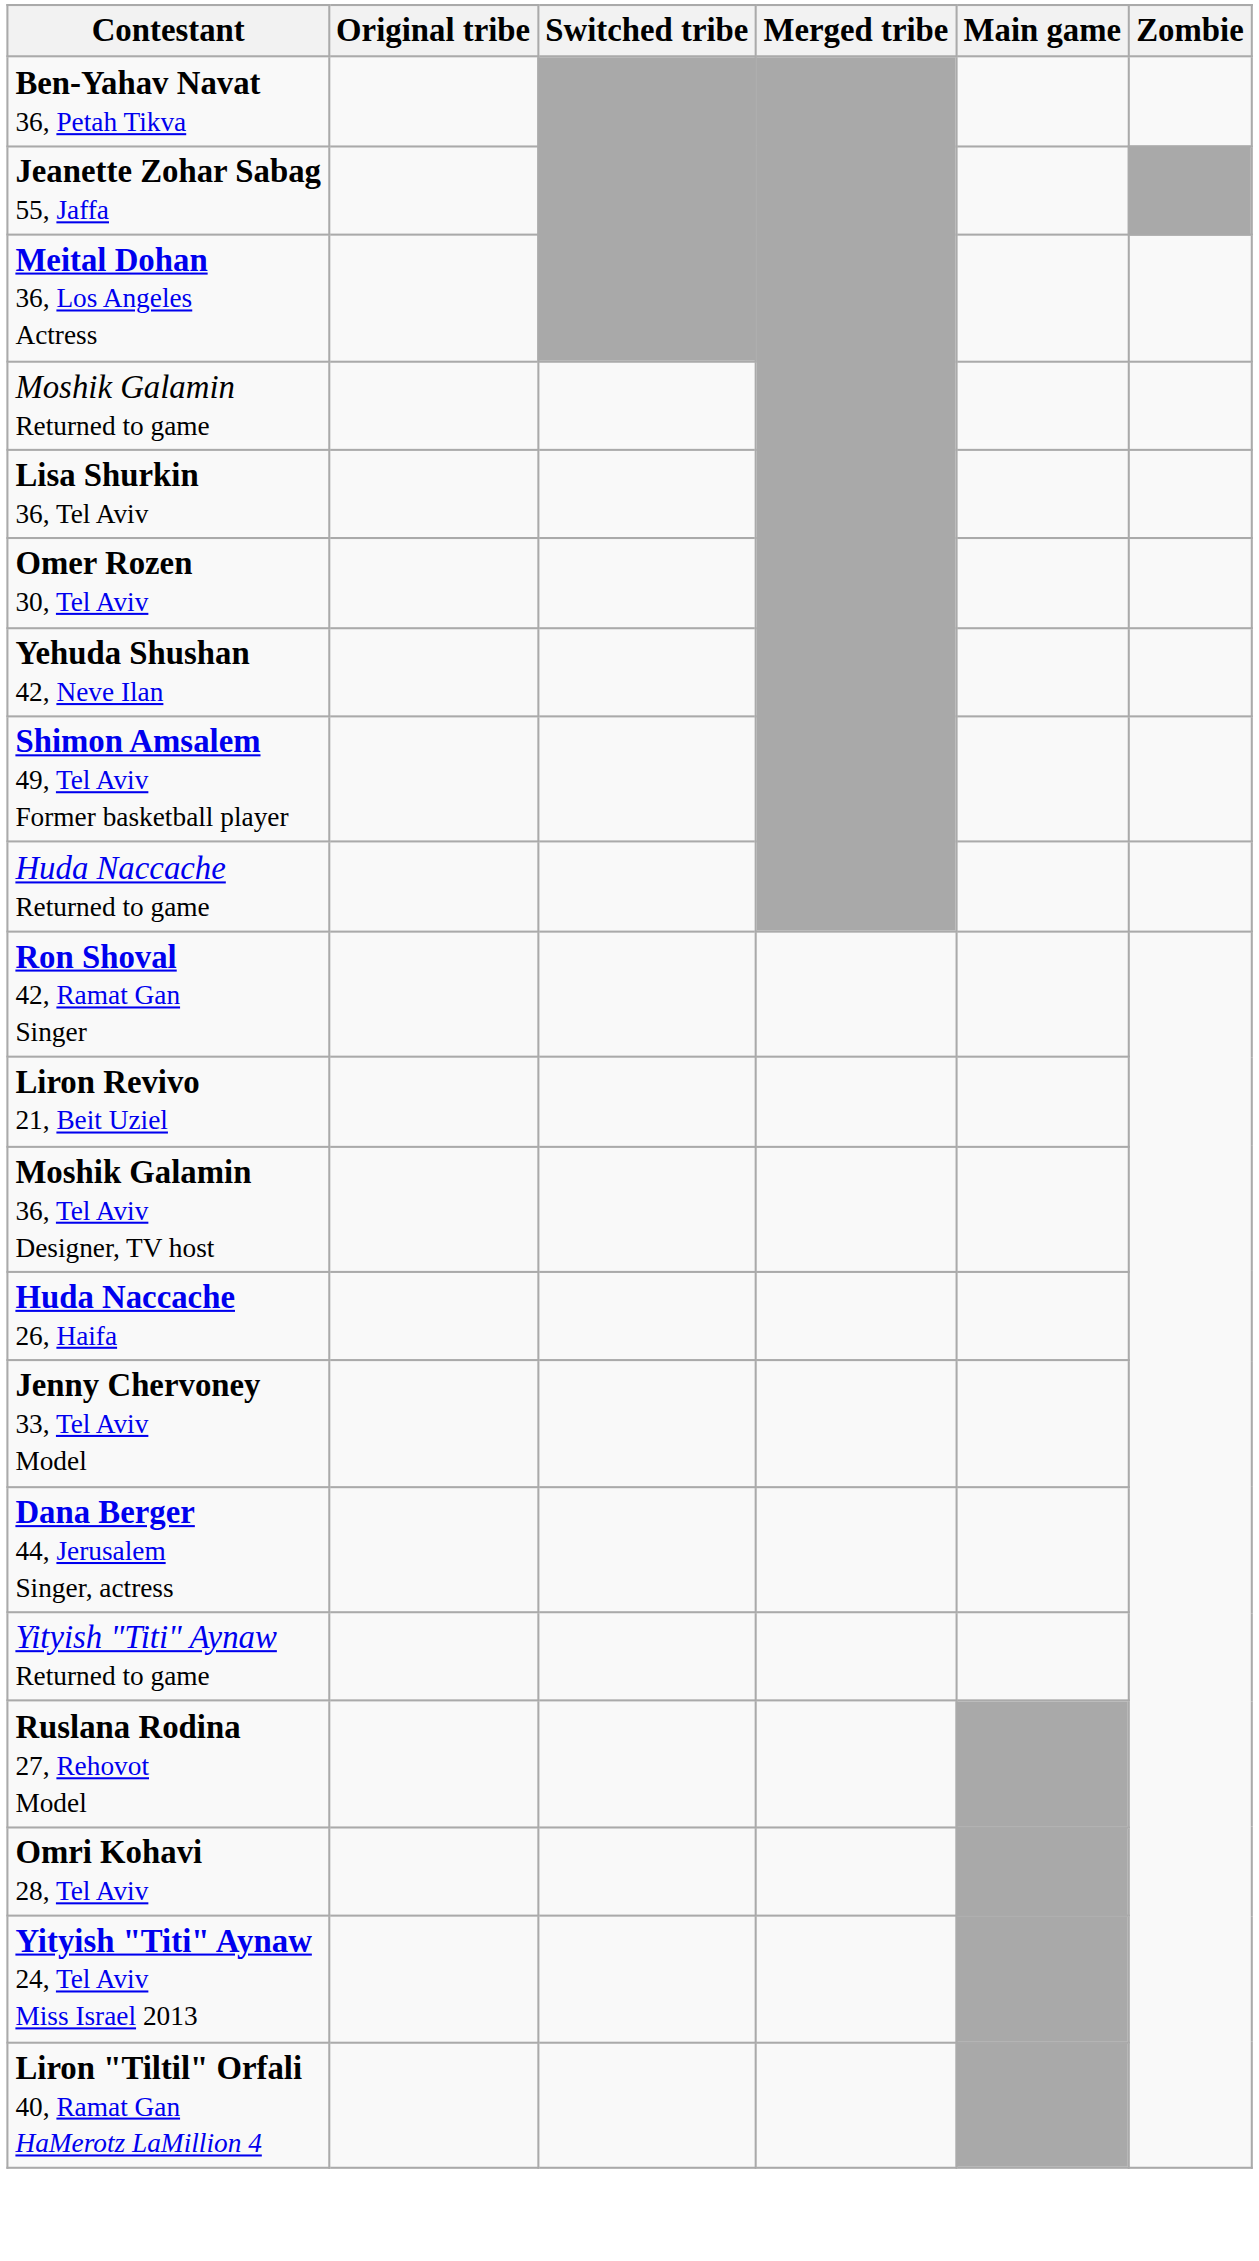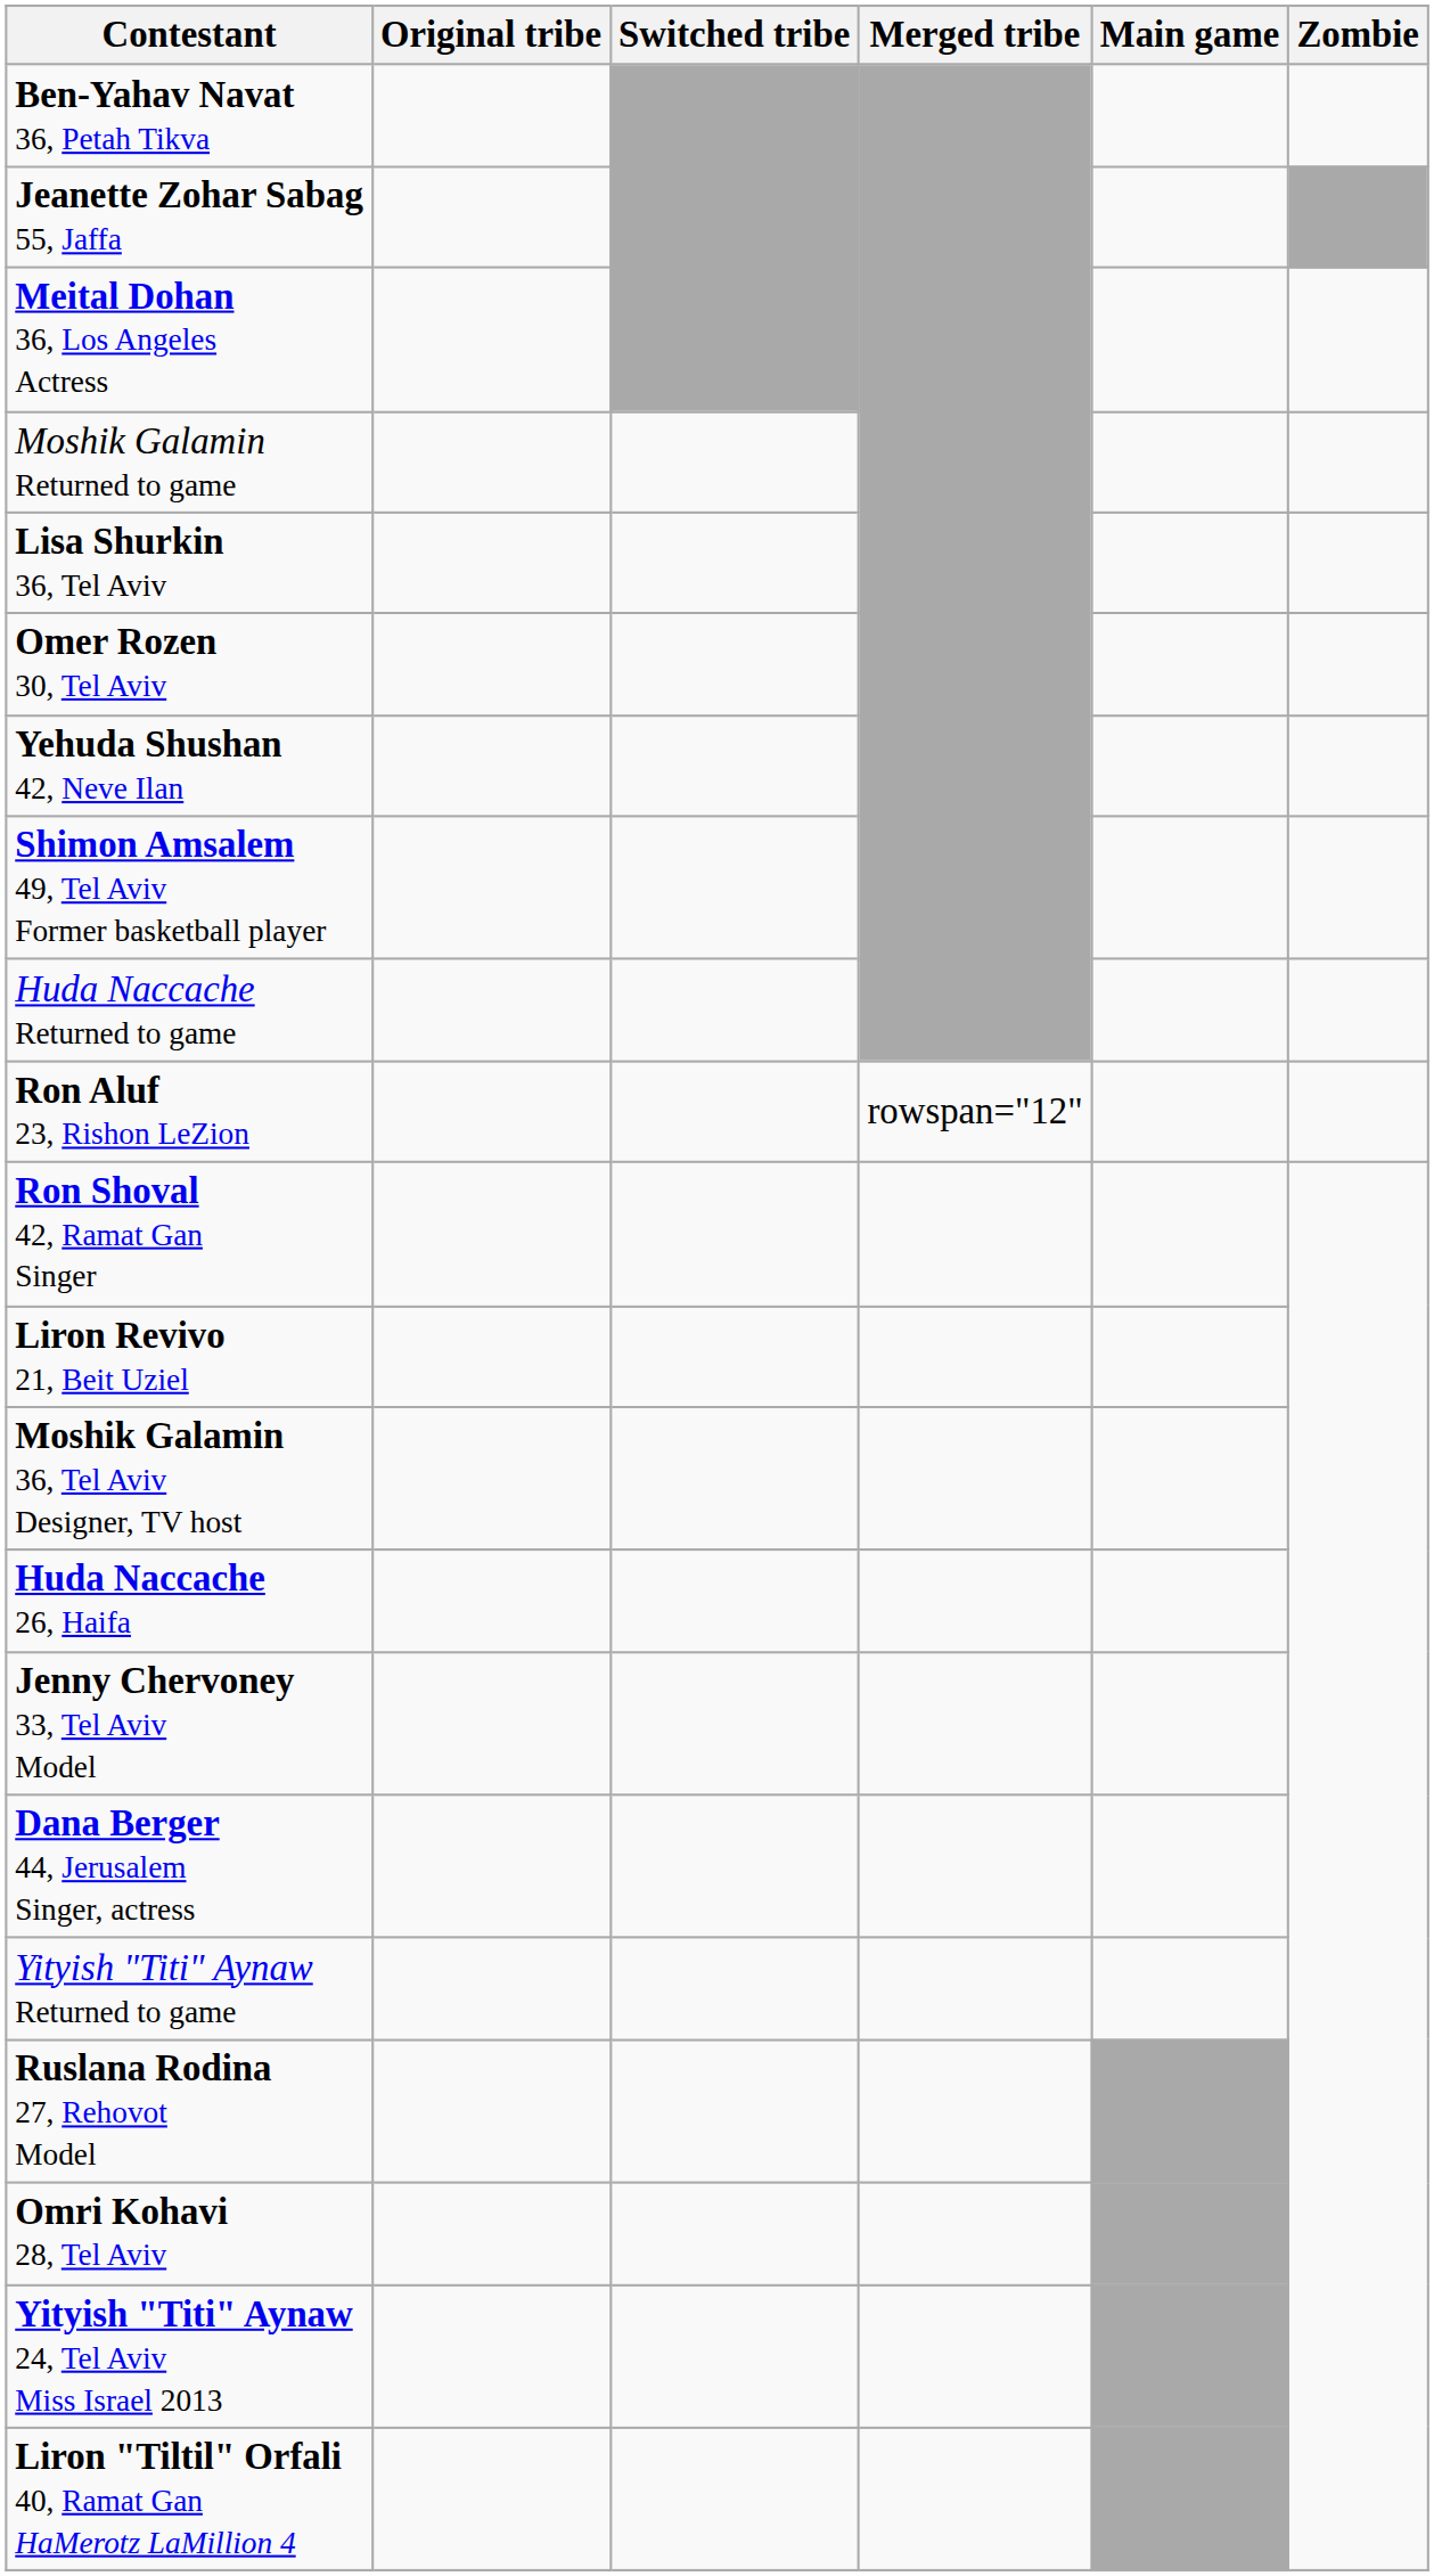 <table class="wikitable sortable nowrap" style="margin:auto; text-align:center">
 <tr>
 <th>Contestant</th>
 <th>Original tribe</th>
 <th>Switched tribe</th>
 <th>Merged tribe</th>
 <th>Main game</th>
 <th>Zombie</th>
 </tr>
 <tr>
 <td align="left"><strong>Ben-Yahav Navat</strong><br><small>36, <a href='#'>Petah Tikva</a></small></td>
 <td></td>
 <td rowspan="3" bgcolor=darkgrey></td>
 <td rowspan="9" bgcolor=darkgrey></td>
 <td></td>
 <td></td>
 </tr>
 <tr>
 <td align="left"><strong>Jeanette Zohar Sabag</strong><br><small>55, <a href='#'>Jaffa</a></small></td>
 <td></td>
 <td></td>
 <td bgcolor=darkgrey></td>
 </tr>
 <tr>
 <td align="left"><strong><a href='#'>Meital Dohan</a></strong><br><small>36, <a href='#'>Los Angeles</a><br>Actress</small></td>
 <td></td>
 <td></td>
 <td></td>
 </tr>
 <tr>
 <td align="left"><em>Moshik Galamin</em><br><small>Returned to game</small></td>
 <td></td>
 <td></td>
 <td></td>
 <td></td>
 </tr>
 <tr>
 <td align="left"><strong>Lisa Shurkin</strong><br><small>36, Tel Aviv</small></td>
 <td></td>
 <td></td>
 <td></td>
 <td></td>
 </tr>
 <tr>
 <td align="left"><strong>Omer Rozen</strong><br><small>30, <a href='#'>Tel Aviv</a></small></td>
 <td></td>
 <td></td>
 <td></td>
 <td></td>
 </tr>
 <tr>
 <td align="left"><strong>Yehuda Shushan</strong><br><small>42, <a href='#'>Neve Ilan</a></small></td>
 <td></td>
 <td></td>
 <td></td>
 <td></td>
 </tr>
 <tr>
 <td align="left"><strong><a href='#'>Shimon Amsalem</a></strong><br><small>49, <a href='#'>Tel Aviv</a><br>Former basketball player</small></td>
 <td></td>
 <td></td>
 <td></td>
 <td></td>
 </tr>
 <tr>
 <td align="left"><em><a href='#'>Huda Naccache</a></em><br><small>Returned to game</small></td>
 <td></td>
 <td></td>
+<td></td>
+<td></td>
+</tr>
+<tr>
+<td align="left"><strong>Ron Aluf</strong><br><small>23, <a href='#'>Rishon LeZion</a></small></td>
+<td></td>
+<td></td>
+<td>rowspan="12" </td>
 <td></td>
 <td></td>
 </tr>
 <tr>
 <td align="left"><strong><a href='#'>Ron Shoval</a></strong><br><small>42, <a href='#'>Ramat Gan</a><br>Singer</small></td>
 <td></td>
 <td></td>
 <td></td>
 <td></td>
 </tr>
 <tr>
 <td align="left"><strong>Liron Revivo</strong><br><small>21, <a href='#'>Beit Uziel</a></small></td>
 <td></td>
 <td></td>
 <td></td>
 <td></td>
 </tr>
 <tr>
 <td align="left"><strong>Moshik Galamin</strong><br><small>36, <a href='#'>Tel Aviv</a> <br>Designer, TV host</small></td>
 <td></td>
 <td></td>
 <td></td>
 <td></td>
 </tr>
 <tr>
 <td align="left"><strong><a href='#'>Huda Naccache</a></strong><br><small>26, <a href='#'>Haifa</a></small></td>
 <td></td>
 <td></td>
 <td></td>
 <td></td>
 </tr>
 <tr>
 <td align="left"><strong>Jenny Chervoney</strong><br><small>33, <a href='#'>Tel Aviv</a> <br>Model</small></td>
 <td></td>
 <td></td>
 <td></td>
 <td></td>
 </tr>
 <tr>
 <td align="left"><strong><a href='#'>Dana Berger</a></strong><br><small>44, <a href='#'>Jerusalem</a><br>Singer, actress</small></td>
 <td></td>
 <td></td>
 <td></td>
 <td></td>
 </tr>
 <tr>
 <td align="left"><em><a href='#'>Yityish "Titi" Aynaw</a></em><br><small>Returned to game</small></td>
 <td></td>
 <td></td>
 <td></td>
 <td></td>
 </tr>
 <tr>
 <td align="left"><strong>Ruslana Rodina</strong><br><small>27, <a href='#'>Rehovot</a><br>Model</small></td>
 <td></td>
 <td></td>
 <td></td>
 <td bgcolor=darkgrey></td>
 </tr>
 <tr>
 <td align="left"><strong>Omri Kohavi</strong><br><small>28, <a href='#'>Tel Aviv</a></small></td>
 <td></td>
 <td></td>
 <td></td>
 <td bgcolor=darkgrey></td>
 </tr>
 <tr>
 <td align="left"><strong><a href='#'>Yityish "Titi" Aynaw</a></strong><br><small>24, <a href='#'>Tel Aviv</a><br><a href='#'>Miss Israel</a> 2013</small></td>
 <td></td>
 <td></td>
 <td></td>
 <td bgcolor=darkgrey></td>
 </tr>
 <tr>
 <td align="left"><strong>Liron "Tiltil" Orfali</strong><br><small>40, <a href='#'>Ramat Gan</a><br><em><a href='#'>HaMerotz LaMillion 4</a></em><br></small></td>
 <td></td>
 <td></td>
 <td></td>
 <td bgcolor=darkgrey></td>
 </tr>
 </table>
